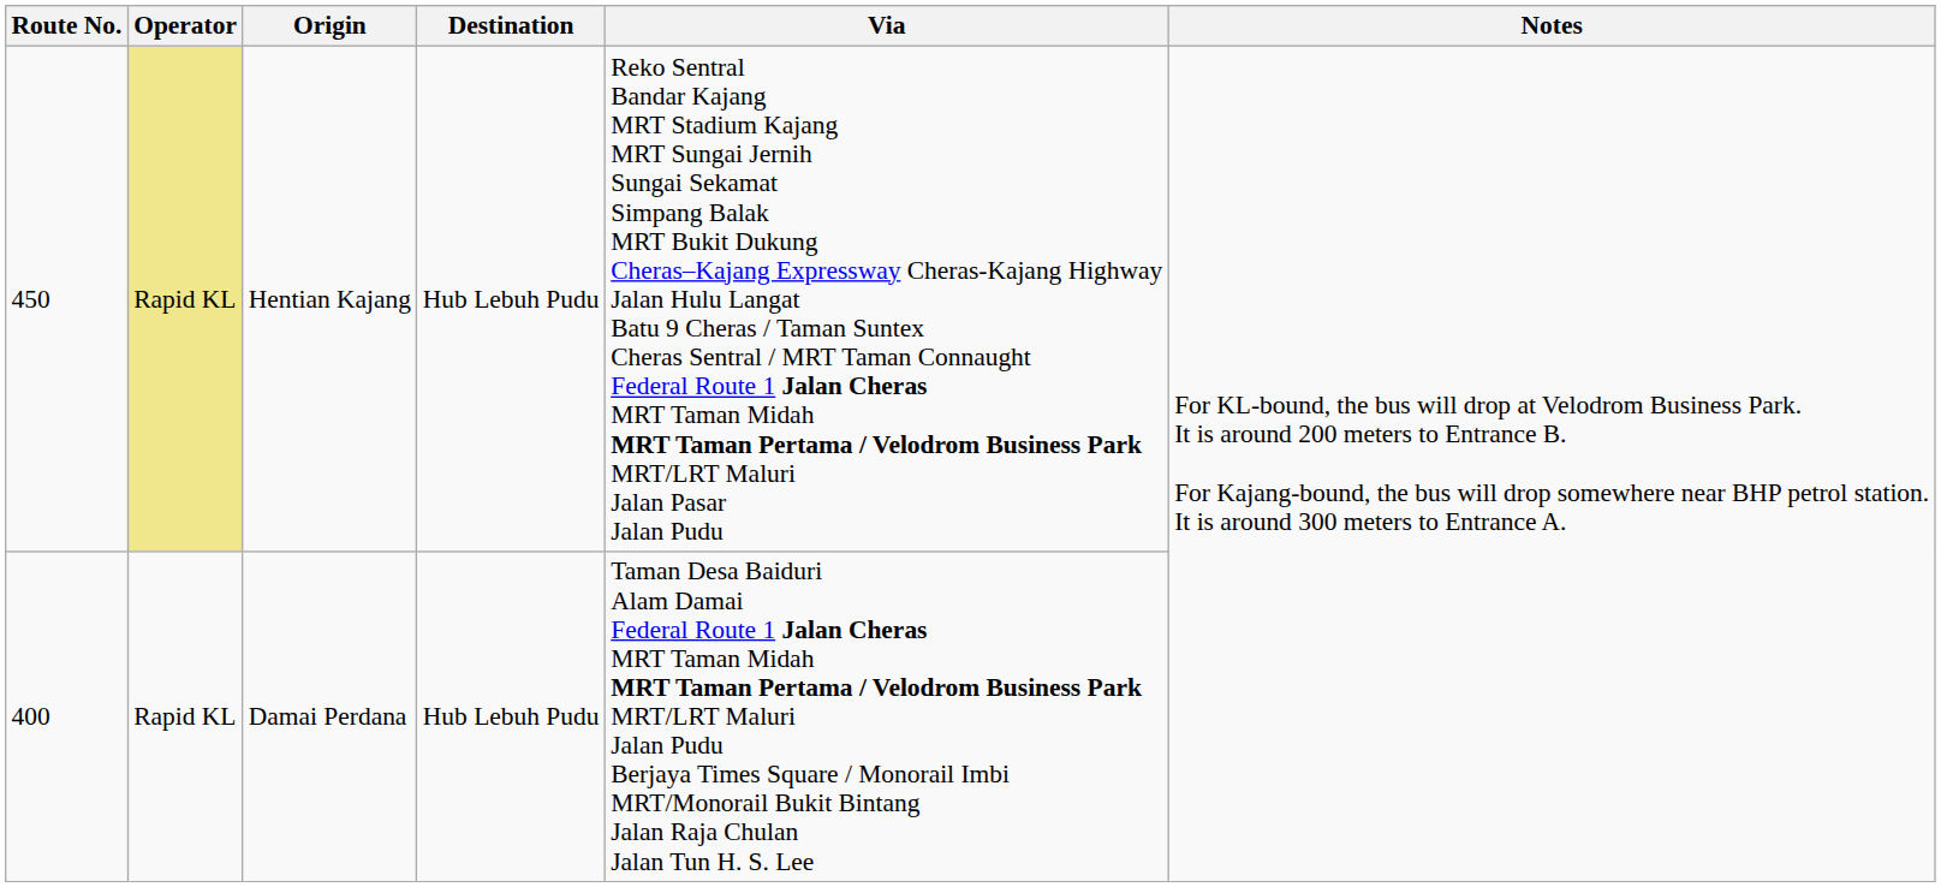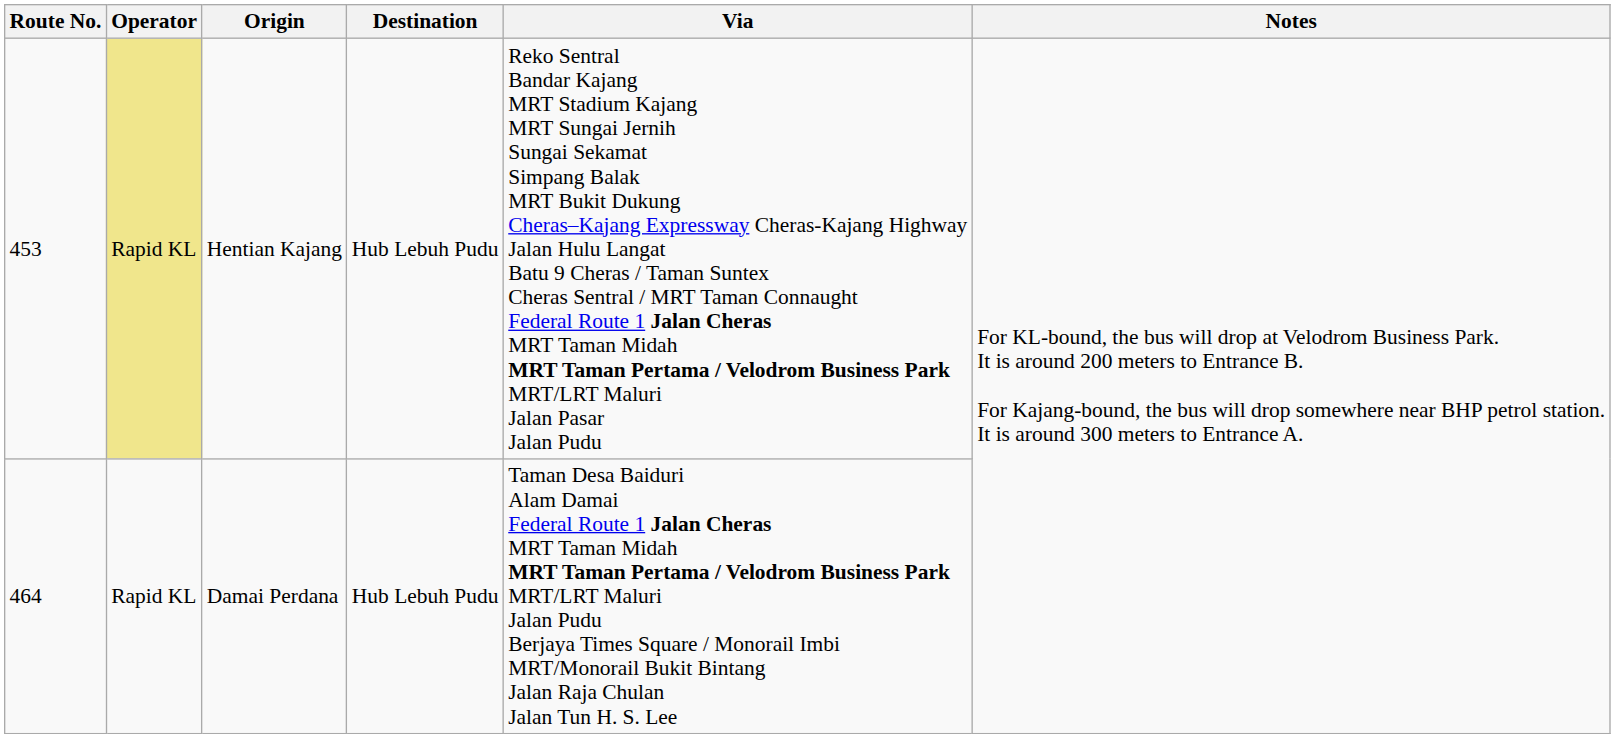 <table class="wikitable">
 <tr>
 <th>Route No.</th>
 <th>Operator</th>
 <th>Origin</th>
 <th>Destination</th>
 <th>Via</th>
 <th>Notes</th>
 </tr>
 <tr>
-<td>450</td>
+<td>453</td>
 <td style="background: khaki;">Rapid KL</td>
 <td>Hentian Kajang</td>
 <td>Hub Lebuh Pudu</td>
 <td>Reko Sentral<br>Bandar Kajang<br>  MRT Stadium Kajang<br>  MRT Sungai Jernih<br> Sungai Sekamat<br> Simpang Balak<br>  MRT Bukit Dukung<br> <a href='#'>Cheras–Kajang Expressway</a> Cheras-Kajang Highway<br> Jalan Hulu Langat<br> Batu 9 Cheras / Taman Suntex<br> Cheras Sentral /  MRT Taman Connaught<br> <a href='#'>Federal Route 1</a> <strong>Jalan Cheras</strong><br>  MRT Taman Midah<br>  <strong>MRT Taman Pertama / Velodrom Business Park</strong><br>  MRT/LRT Maluri<br> Jalan Pasar<br> Jalan Pudu</td>
 <td rowspan="2">For KL-bound, the bus will drop at Velodrom Business Park.<br>It is around 200 meters to Entrance B.<br><br>For Kajang-bound, the bus will drop somewhere near BHP petrol station.<br>It is around 300 meters to Entrance A.</td>
 </tr>
 <tr>
-<td>400</td>
+<td>464</td>
 <td>Rapid KL</td>
 <td>Damai Perdana</td>
 <td>Hub Lebuh Pudu</td>
 <td>Taman Desa Baiduri<br>Alam Damai<br> <a href='#'>Federal Route 1</a> <strong>Jalan Cheras</strong><br>  MRT Taman Midah<br>  <strong>MRT Taman Pertama / Velodrom Business Park</strong><br>  MRT/LRT Maluri<br> Jalan Pudu<br> Berjaya Times Square /  Monorail Imbi<br>  MRT/Monorail Bukit Bintang<br> Jalan Raja Chulan<br> Jalan Tun H. S. Lee</td>
 </tr>
 </table>
